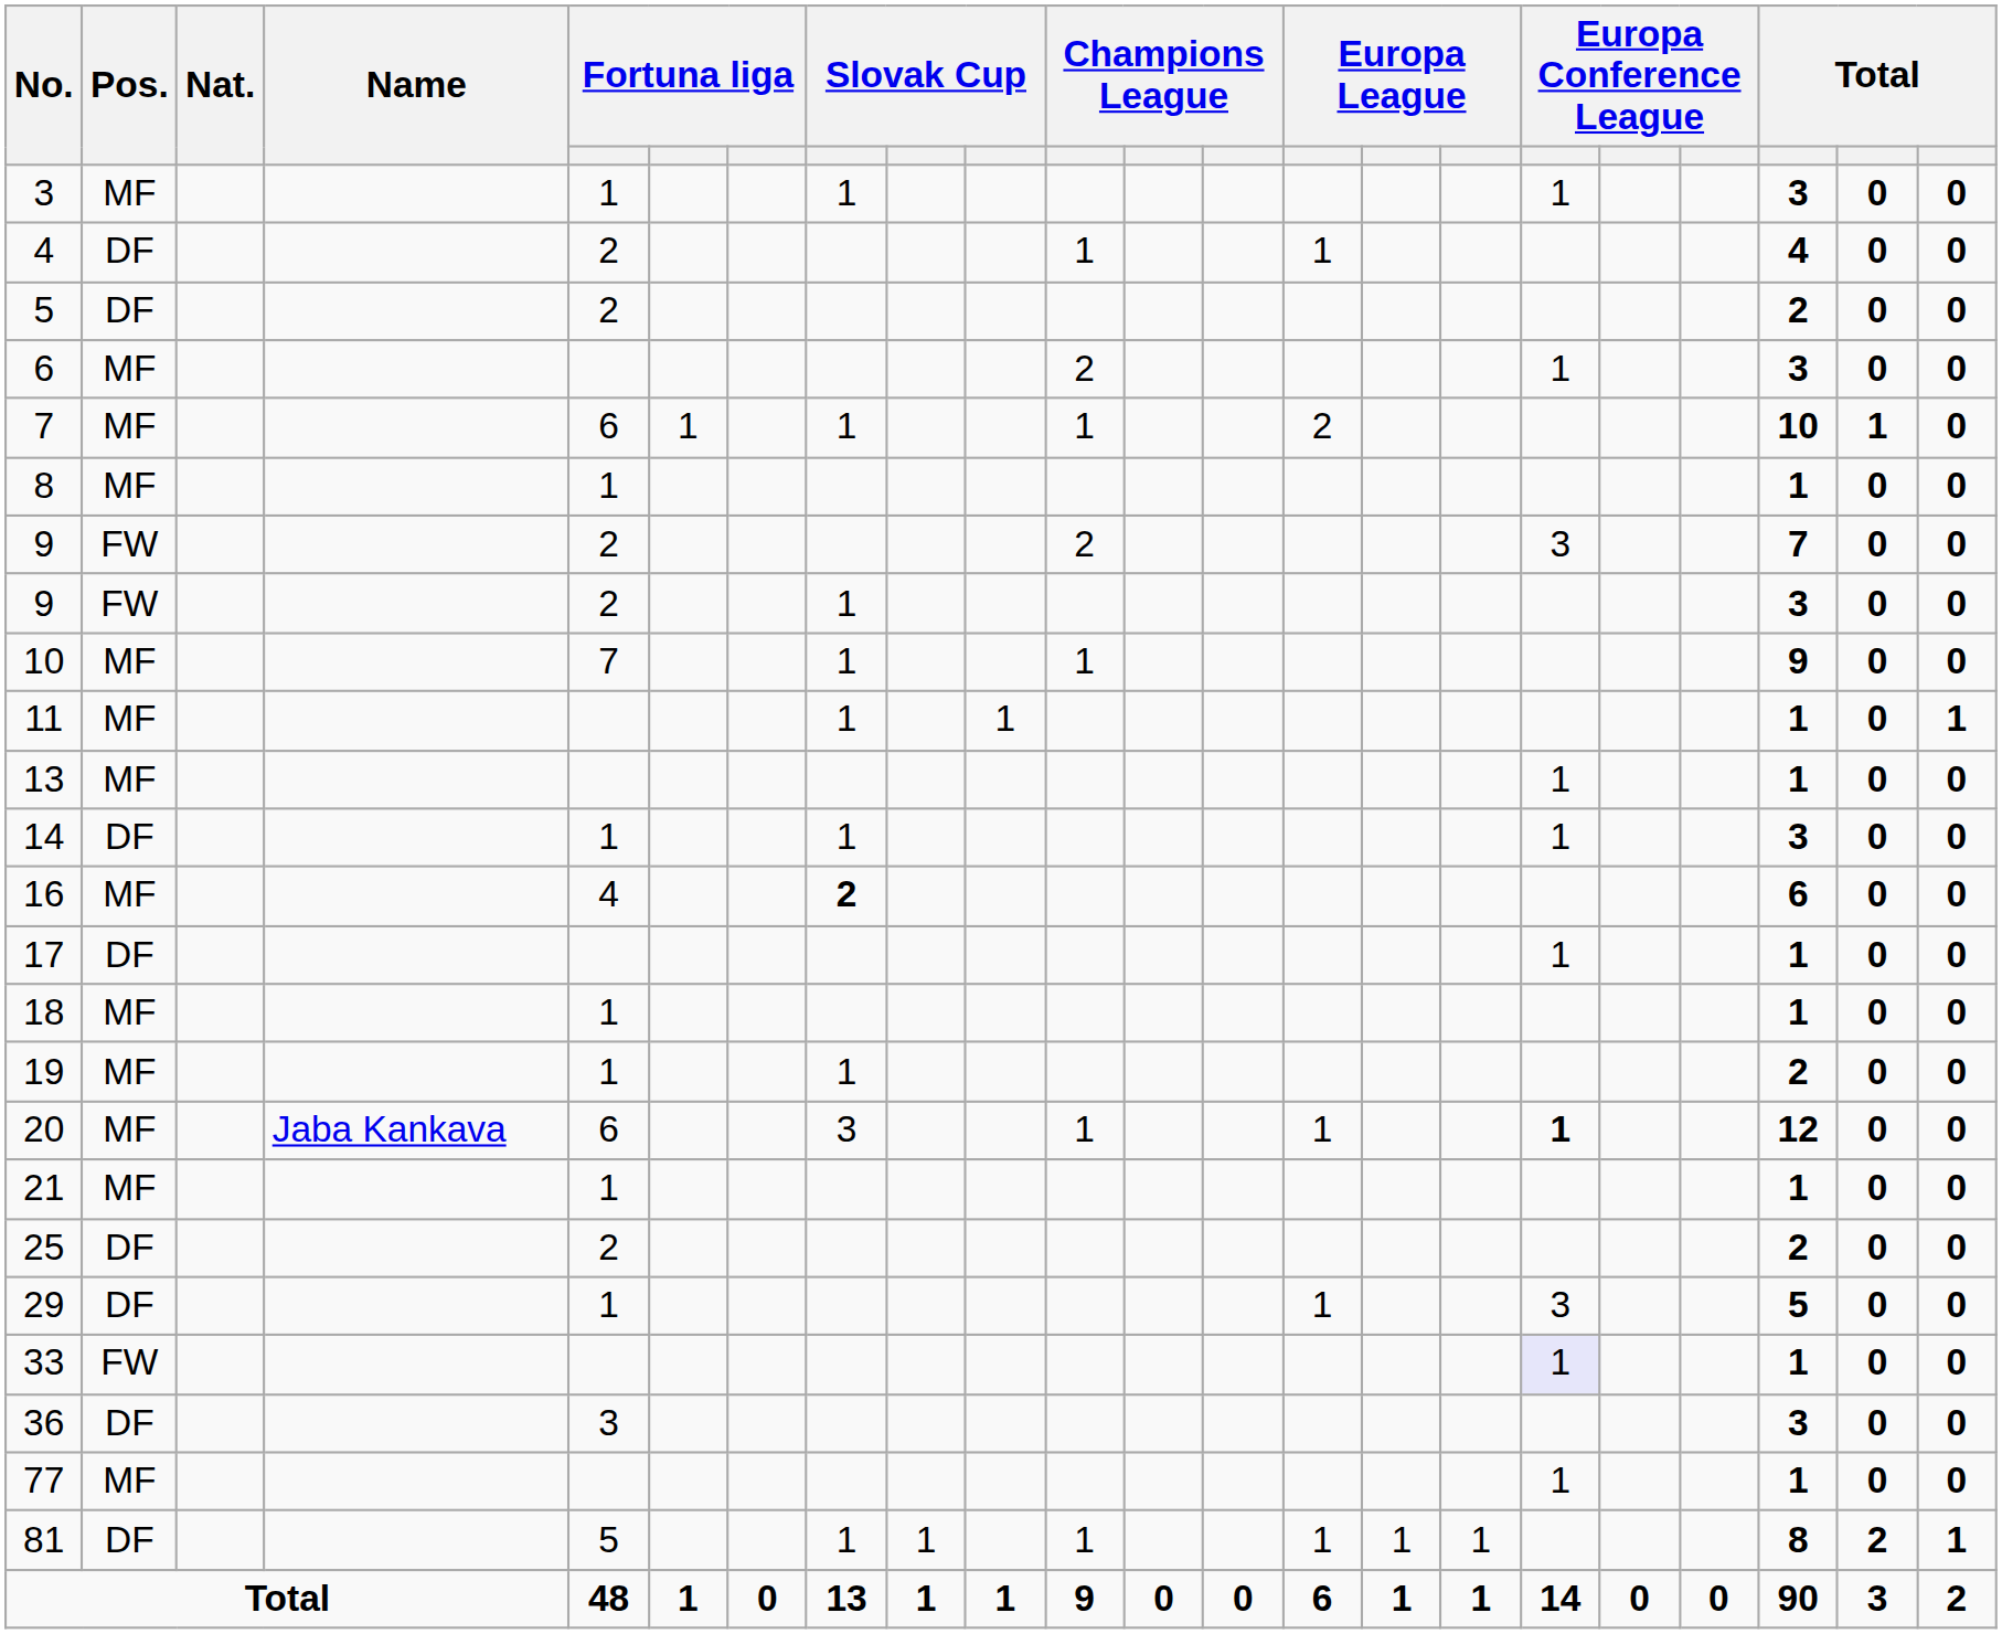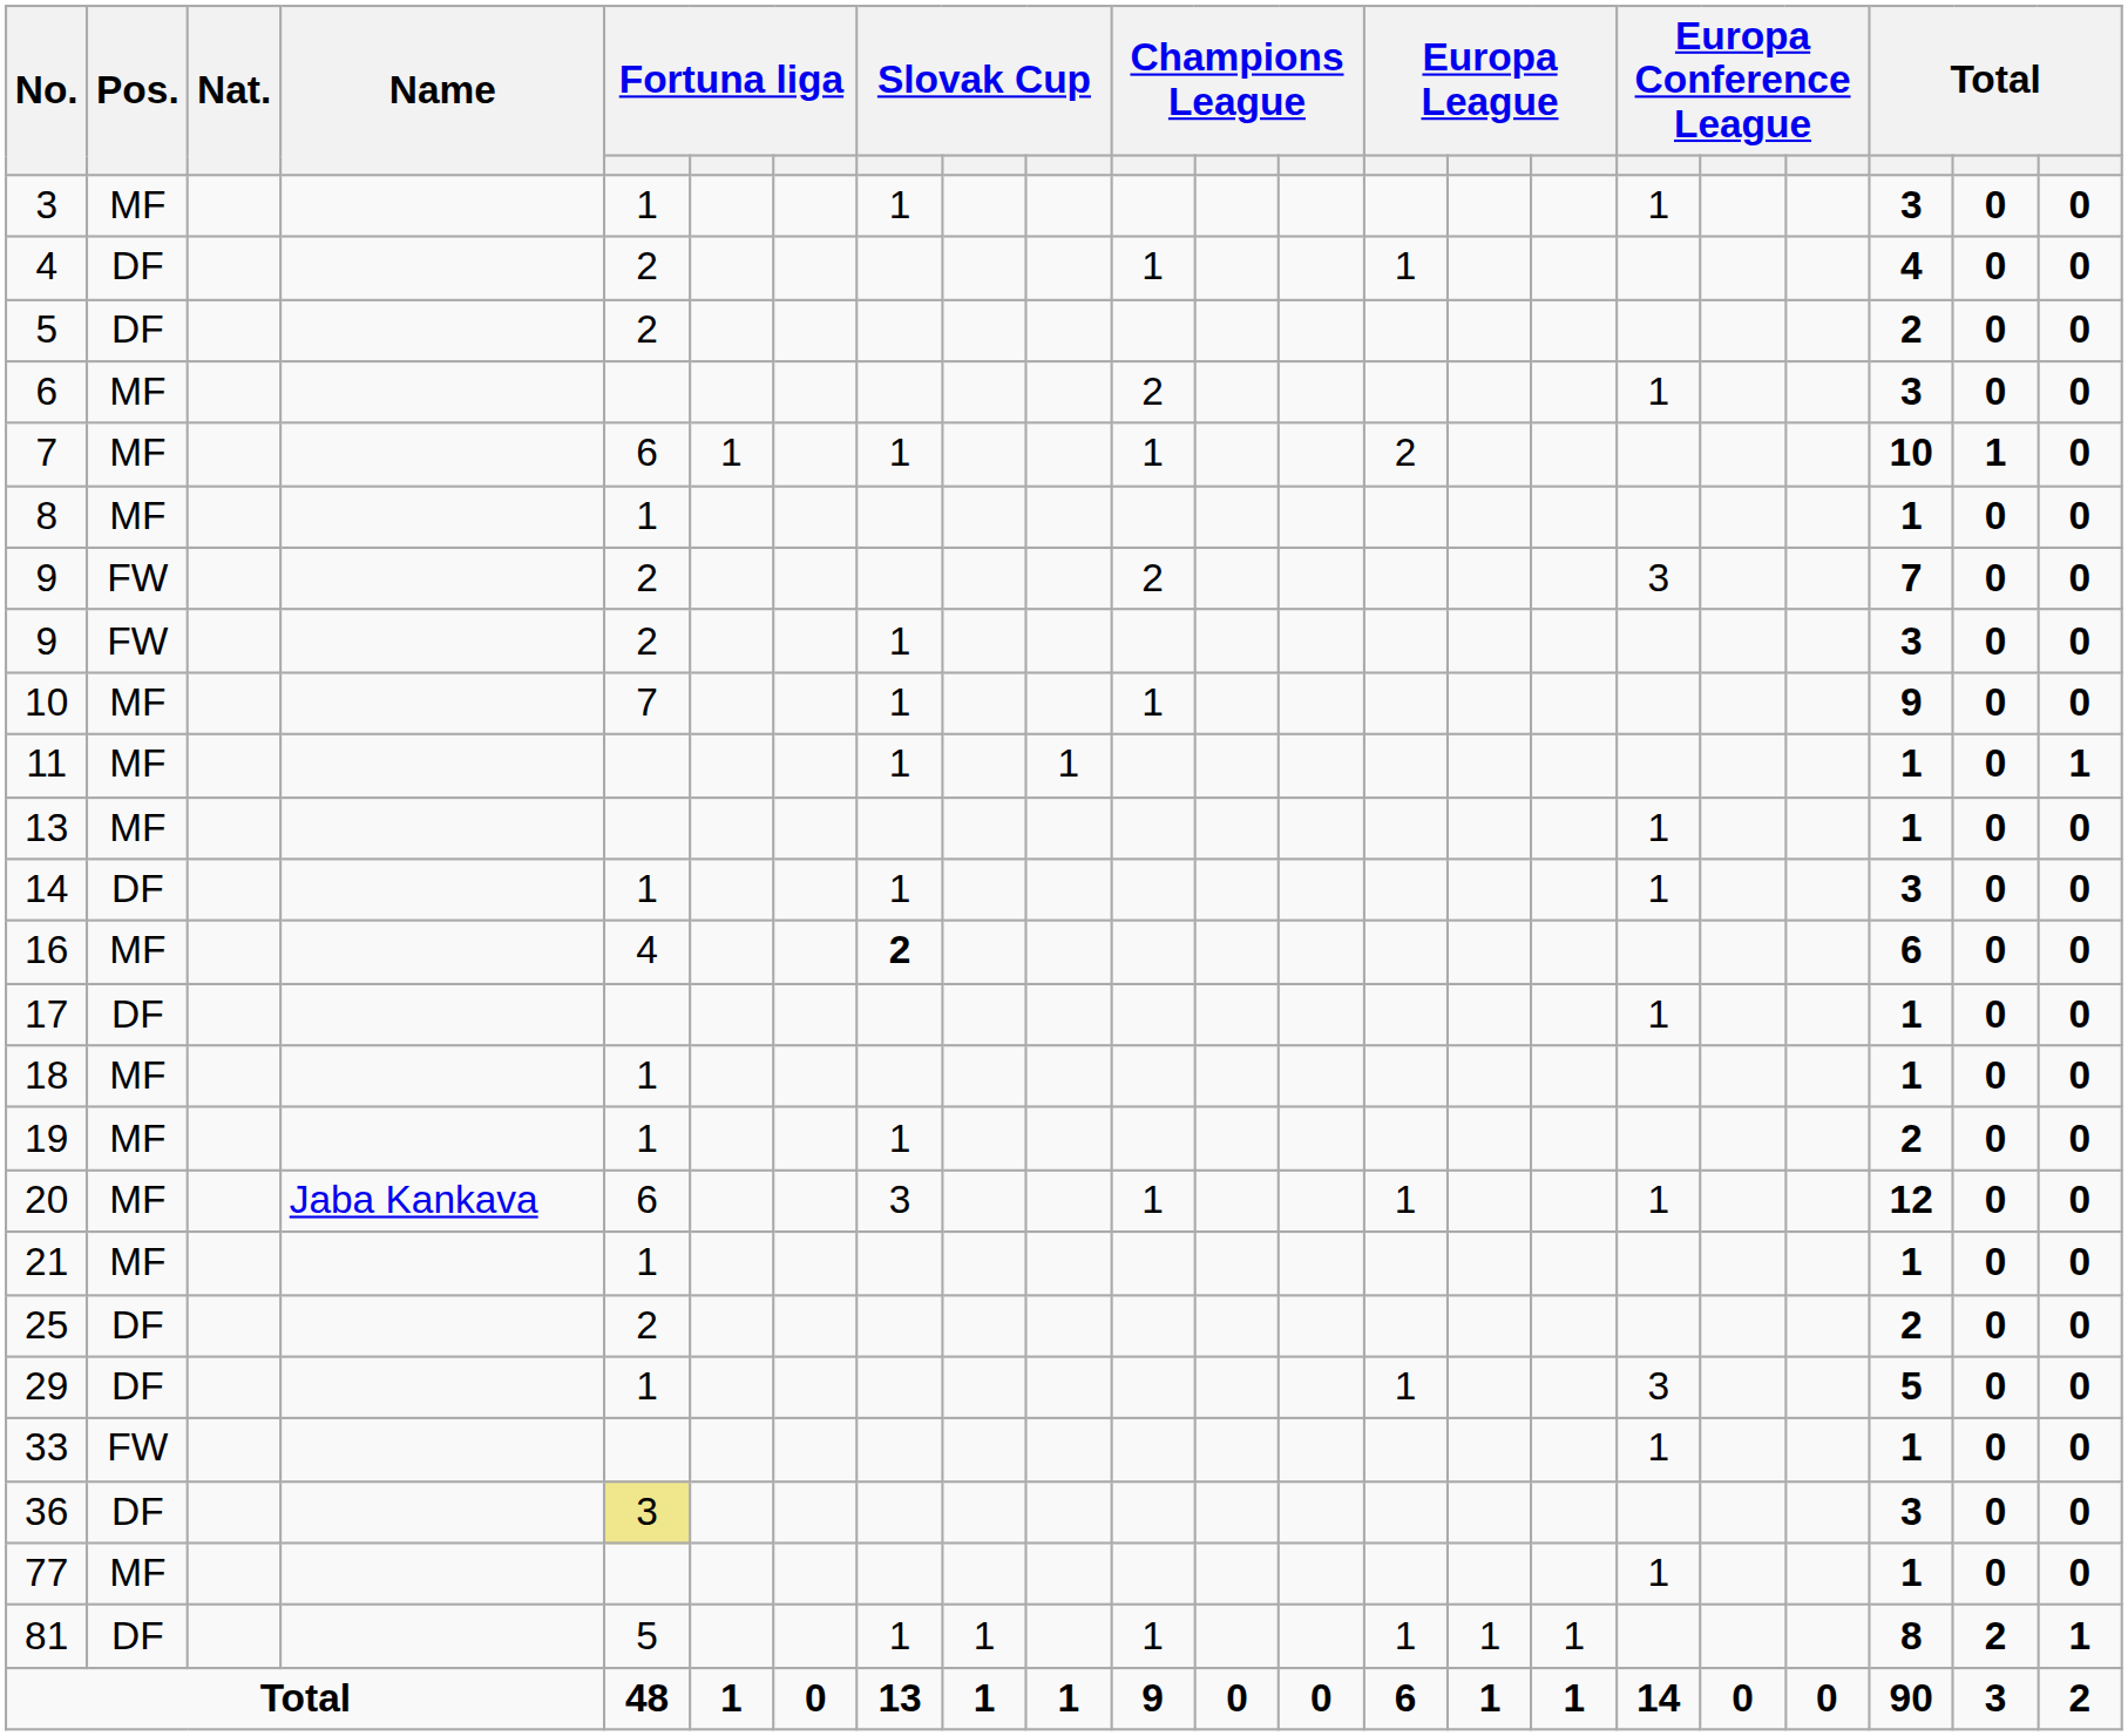 <table class="wikitable sortable" style="text-align: center;">
 <tr>
 <th rowspan="2" style="width:20px;">No.</th>
 <th rowspan="2" style="width:20px;">Pos.</th>
 <th rowspan="2" style="width:20px;">Nat.</th>
 <th rowspan="2" style="width:125px;">Name</th>
 <th colspan="3" style="width:75px;"><a href='#'>Fortuna liga</a></th>
 <th colspan="3" style="width:75px;"><a href='#'>Slovak Cup</a></th>
 <th colspan="3" style="width:75px;"><a href='#'>Champions League</a></th>
 <th colspan="3" style="width:75px;"><a href='#'>Europa League</a></th>
 <th colspan="3"><a href='#'>Europa Conference League</a></th>
 <th colspan="3" style="width:75px;">Total</th>
 </tr>
 <tr>
 <th width=27></th>
 <th width=27></th>
 <th width=27></th>
 <th width=27></th>
 <th width=27></th>
 <th width=27></th>
 <th width=27></th>
 <th width=27></th>
 <th width=27></th>
 <th width=27></th>
 <th width=27></th>
 <th width=27></th>
 <th width=27></th>
 <th width=27></th>
 <th width=27></th>
 <th width=27></th>
 <th width=27></th>
 <th width=27></th>
 </tr>
 <tr>
 <td>3</td>
 <td>MF</td>
 <td></td>
 <td align="left"></td>
 <td>1</td>
 <td></td>
 <td></td>
 <td>1</td>
 <td></td>
 <td></td>
 <td></td>
 <td></td>
 <td></td>
 <td></td>
 <td></td>
 <td></td>
 <td>1</td>
 <td></td>
 <td></td>
 <td><strong>3</strong></td>
 <td><strong>0</strong></td>
 <td><strong>0</strong></td>
 </tr>
 <tr>
 <td>4</td>
 <td>DF</td>
 <td></td>
 <td align="left"></td>
 <td>2</td>
 <td></td>
 <td></td>
 <td></td>
 <td></td>
 <td></td>
 <td>1</td>
 <td></td>
 <td></td>
 <td>1</td>
 <td></td>
 <td></td>
 <td></td>
 <td></td>
 <td></td>
 <td><strong>4</strong></td>
 <td><strong>0</strong></td>
 <td><strong>0</strong></td>
 </tr>
 <tr>
 <td>5</td>
 <td>DF</td>
 <td></td>
 <td align="left"></td>
 <td>2</td>
 <td></td>
 <td></td>
 <td></td>
 <td></td>
 <td></td>
 <td></td>
 <td></td>
 <td></td>
 <td></td>
 <td></td>
 <td></td>
 <td></td>
 <td></td>
 <td></td>
 <td><strong>2</strong></td>
 <td><strong>0</strong></td>
 <td><strong>0</strong></td>
 </tr>
 <tr>
 <td>6</td>
 <td>MF</td>
 <td></td>
 <td align="left"></td>
 <td></td>
 <td></td>
 <td></td>
 <td></td>
 <td></td>
 <td></td>
 <td>2</td>
 <td></td>
 <td></td>
 <td></td>
 <td></td>
 <td></td>
 <td>1</td>
 <td></td>
 <td></td>
 <td><strong>3</strong></td>
 <td><strong>0</strong></td>
 <td><strong>0</strong></td>
 </tr>
 <tr>
 <td>7</td>
 <td>MF</td>
 <td></td>
 <td align="left"></td>
 <td>6</td>
 <td>1</td>
 <td></td>
 <td>1</td>
 <td></td>
 <td></td>
 <td>1</td>
 <td></td>
 <td></td>
 <td>2</td>
 <td></td>
 <td></td>
 <td></td>
 <td></td>
 <td></td>
 <td><strong>10</strong></td>
 <td><strong>1</strong></td>
 <td><strong>0</strong></td>
 </tr>
 <tr>
 <td>8</td>
 <td>MF</td>
 <td></td>
 <td align="left"></td>
 <td>1</td>
 <td></td>
 <td></td>
 <td></td>
 <td></td>
 <td></td>
 <td></td>
 <td></td>
 <td></td>
 <td></td>
 <td></td>
 <td></td>
 <td></td>
 <td></td>
 <td></td>
 <td><strong>1</strong></td>
 <td><strong>0</strong></td>
 <td><strong>0</strong></td>
 </tr>
 <tr>
 <td>9</td>
 <td>FW</td>
 <td></td>
 <td align="left"></td>
 <td>2</td>
 <td></td>
 <td></td>
 <td></td>
 <td></td>
 <td></td>
 <td>2</td>
 <td></td>
 <td></td>
 <td></td>
 <td></td>
 <td></td>
 <td>3</td>
 <td></td>
 <td></td>
 <td><strong>7</strong></td>
 <td><strong>0</strong></td>
 <td><strong>0</strong></td>
 </tr>
 <tr>
 <td>9</td>
 <td>FW</td>
 <td></td>
 <td align="left"></td>
 <td>2</td>
 <td></td>
 <td></td>
 <td>1</td>
 <td></td>
 <td></td>
 <td></td>
 <td></td>
 <td></td>
 <td></td>
 <td></td>
 <td></td>
 <td></td>
 <td></td>
 <td></td>
 <td><strong>3</strong></td>
 <td><strong>0</strong></td>
 <td><strong>0</strong></td>
 </tr>
 <tr>
 <td>10</td>
 <td>MF</td>
 <td></td>
 <td align="left"></td>
 <td>7</td>
 <td></td>
 <td></td>
 <td>1</td>
 <td></td>
 <td></td>
 <td>1</td>
 <td></td>
 <td></td>
 <td></td>
 <td></td>
 <td></td>
 <td></td>
 <td></td>
 <td></td>
 <td><strong>9</strong></td>
 <td><strong>0</strong></td>
 <td><strong>0</strong></td>
 </tr>
 <tr>
 <td>11</td>
 <td>MF</td>
 <td></td>
 <td align="left"></td>
 <td></td>
 <td></td>
 <td></td>
 <td>1</td>
 <td></td>
 <td>1</td>
 <td></td>
 <td></td>
 <td></td>
 <td></td>
 <td></td>
 <td></td>
 <td></td>
 <td></td>
 <td></td>
 <td><strong>1</strong></td>
 <td><strong>0</strong></td>
 <td><strong>1</strong></td>
 </tr>
 <tr>
 <td>13</td>
 <td>MF</td>
 <td></td>
 <td align="left"></td>
 <td></td>
 <td></td>
 <td></td>
 <td></td>
 <td></td>
 <td></td>
 <td></td>
 <td></td>
 <td></td>
 <td></td>
 <td></td>
 <td></td>
 <td>1</td>
 <td></td>
 <td></td>
 <td><strong>1</strong></td>
 <td><strong>0</strong></td>
 <td><strong>0</strong></td>
 </tr>
 <tr>
 <td>14</td>
 <td>DF</td>
 <td></td>
 <td align="left"></td>
 <td>1</td>
 <td></td>
 <td></td>
 <td>1</td>
 <td></td>
 <td></td>
 <td></td>
 <td></td>
 <td></td>
 <td></td>
 <td></td>
 <td></td>
 <td>1</td>
 <td></td>
 <td></td>
 <td><strong>3</strong></td>
 <td><strong>0</strong></td>
 <td><strong>0</strong></td>
 </tr>
 <tr>
 <td>16</td>
 <td>MF</td>
 <td></td>
 <td align="left"></td>
 <td>4</td>
 <td></td>
 <td></td>
 <td><strong>2</strong></td>
 <td></td>
 <td></td>
 <td></td>
 <td></td>
 <td></td>
 <td></td>
 <td></td>
 <td></td>
 <td></td>
 <td></td>
 <td></td>
 <td><strong>6</strong></td>
 <td><strong>0</strong></td>
 <td><strong>0</strong></td>
 </tr>
 <tr>
 <td>17</td>
 <td>DF</td>
 <td></td>
 <td align="left"></td>
 <td></td>
 <td></td>
 <td></td>
 <td></td>
 <td></td>
 <td></td>
 <td></td>
 <td></td>
 <td></td>
 <td></td>
 <td></td>
 <td></td>
 <td>1</td>
 <td></td>
 <td></td>
 <td><strong>1</strong></td>
 <td><strong>0</strong></td>
 <td><strong>0</strong></td>
 </tr>
 <tr>
 <td>18</td>
 <td>MF</td>
 <td></td>
 <td align="left"></td>
 <td>1</td>
 <td></td>
 <td></td>
 <td></td>
 <td></td>
 <td></td>
 <td></td>
 <td></td>
 <td></td>
 <td></td>
 <td></td>
 <td></td>
 <td></td>
 <td></td>
 <td></td>
 <td><strong>1</strong></td>
 <td><strong>0</strong></td>
 <td><strong>0</strong></td>
 </tr>
 <tr>
 <td>19</td>
 <td>MF</td>
 <td></td>
 <td align="left"></td>
 <td>1</td>
 <td></td>
 <td></td>
 <td>1</td>
 <td></td>
 <td></td>
 <td></td>
 <td></td>
 <td></td>
 <td></td>
 <td></td>
 <td></td>
 <td></td>
 <td></td>
 <td></td>
 <td><strong>2</strong></td>
 <td><strong>0</strong></td>
 <td><strong>0</strong></td>
 </tr>
 <tr>
 <td>20</td>
 <td>MF</td>
 <td></td>
 <td align="left"><a href='#'>Jaba Kankava</a></td>
 <td>6</td>
 <td></td>
 <td></td>
 <td>3</td>
 <td></td>
 <td></td>
 <td>1</td>
 <td></td>
 <td></td>
 <td>1</td>
 <td></td>
 <td></td>
-<td><strong>1</strong></td>
+<td>1</td>
 <td></td>
 <td></td>
 <td><strong>12</strong></td>
 <td><strong>0</strong></td>
 <td><strong>0</strong></td>
 </tr>
 <tr>
 <td>21</td>
 <td>MF</td>
 <td></td>
 <td align="left"></td>
 <td>1</td>
 <td></td>
 <td></td>
 <td></td>
 <td></td>
 <td></td>
 <td></td>
 <td></td>
 <td></td>
 <td></td>
 <td></td>
 <td></td>
 <td></td>
 <td></td>
 <td></td>
 <td><strong>1</strong></td>
 <td><strong>0</strong></td>
 <td><strong>0</strong></td>
 </tr>
 <tr>
 <td>25</td>
 <td>DF</td>
 <td></td>
 <td align="left"></td>
 <td>2</td>
 <td></td>
 <td></td>
 <td></td>
 <td></td>
 <td></td>
 <td></td>
 <td></td>
 <td></td>
 <td></td>
 <td></td>
 <td></td>
 <td></td>
 <td></td>
 <td></td>
 <td><strong>2</strong></td>
 <td><strong>0</strong></td>
 <td><strong>0</strong></td>
 </tr>
 <tr>
 <td>29</td>
 <td>DF</td>
 <td></td>
 <td align="left"></td>
 <td>1</td>
 <td></td>
 <td></td>
 <td></td>
 <td></td>
 <td></td>
 <td></td>
 <td></td>
 <td></td>
 <td>1</td>
 <td></td>
 <td></td>
 <td>3</td>
 <td></td>
 <td></td>
 <td><strong>5</strong></td>
 <td><strong>0</strong></td>
 <td><strong>0</strong></td>
 </tr>
 <tr>
 <td>33</td>
 <td>FW</td>
 <td></td>
 <td align="left"></td>
 <td></td>
 <td></td>
 <td></td>
 <td></td>
 <td></td>
 <td></td>
 <td></td>
 <td></td>
 <td></td>
 <td></td>
 <td></td>
 <td></td>
-<td style="background: lavender;">1</td>
+<td>1</td>
 <td></td>
 <td></td>
 <td><strong>1</strong></td>
 <td><strong>0</strong></td>
 <td><strong>0</strong></td>
 </tr>
 <tr>
 <td>36</td>
 <td>DF</td>
 <td></td>
 <td align="left"></td>
-<td>3</td>
+<td style="background: khaki;">3</td>
 <td></td>
 <td></td>
 <td></td>
 <td></td>
 <td></td>
 <td></td>
 <td></td>
 <td></td>
 <td></td>
 <td></td>
 <td></td>
 <td></td>
 <td></td>
 <td></td>
 <td><strong>3</strong></td>
 <td><strong>0</strong></td>
 <td><strong>0</strong></td>
 </tr>
 <tr>
 <td>77</td>
 <td>MF</td>
 <td></td>
 <td align="left"></td>
 <td></td>
 <td></td>
 <td></td>
 <td></td>
 <td></td>
 <td></td>
 <td></td>
 <td></td>
 <td></td>
 <td></td>
 <td></td>
 <td></td>
 <td>1</td>
 <td></td>
 <td></td>
 <td><strong>1</strong></td>
 <td><strong>0</strong></td>
 <td><strong>0</strong></td>
 </tr>
 <tr>
 <td>81</td>
 <td>DF</td>
 <td></td>
 <td align="left"></td>
 <td>5</td>
 <td></td>
 <td></td>
 <td>1</td>
 <td>1</td>
 <td></td>
 <td>1</td>
 <td></td>
 <td></td>
 <td>1</td>
 <td>1</td>
 <td>1</td>
 <td></td>
 <td></td>
 <td></td>
 <td><strong>8</strong></td>
 <td><strong>2</strong></td>
 <td><strong>1</strong></td>
 </tr>
 <tr>
 <td colspan="4"><strong>Total</strong></td>
 <td><strong>48</strong></td>
 <td><strong>1</strong></td>
 <td><strong>0</strong></td>
 <td><strong>13</strong></td>
 <td><strong>1</strong></td>
 <td><strong>1</strong></td>
 <td><strong>9</strong></td>
 <td><strong>0</strong></td>
 <td><strong>0</strong></td>
 <td><strong>6</strong></td>
 <td><strong>1</strong></td>
 <td><strong>1</strong></td>
 <td><strong>14</strong></td>
 <td><strong>0</strong></td>
 <td><strong>0</strong></td>
 <td><strong>90</strong></td>
 <td><strong>3</strong></td>
 <td><strong>2</strong></td>
 </tr>
 </table>
